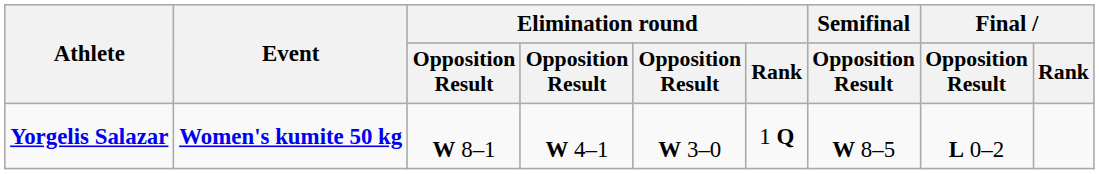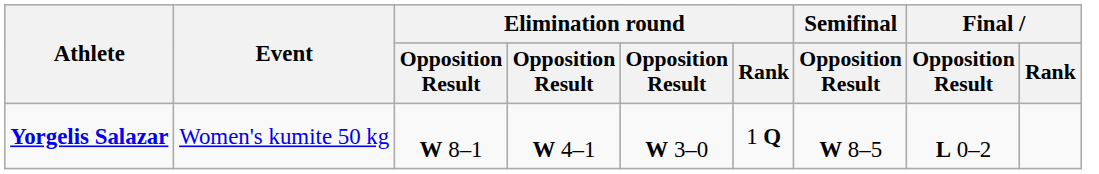 <table class=wikitable style=font-size:90%;text-align:center>
 <tr>
 <th rowspan=2>Athlete</th>
 <th rowspan=2>Event</th>
 <th colspan=4>Elimination round</th>
 <th>Semifinal</th>
 <th colspan=2>Final / </th>
 </tr>
 <tr style=font-size:95%>
 <th>Opposition<br>Result</th>
 <th>Opposition<br>Result</th>
 <th>Opposition<br>Result</th>
 <th>Rank</th>
 <th>Opposition<br>Result</th>
 <th>Opposition<br>Result</th>
 <th>Rank</th>
 </tr>
 <tr>
 <td align=left><strong><a href='#'>Yorgelis Salazar</a></strong></td>
-<td align=left><strong><a href='#'>Women's kumite 50 kg</a></strong></td>
+<td align=left><a href='#'>Women's kumite 50 kg</a></td>
 <td><br><strong>W</strong> 8–1</td>
 <td><br><strong>W</strong> 4–1</td>
 <td><br><strong>W</strong> 3–0</td>
 <td>1 <strong>Q</strong></td>
 <td><br><strong>W</strong> 8–5</td>
 <td><br><strong>L</strong> 0–2</td>
 <td></td>
 </tr>
 </table>
